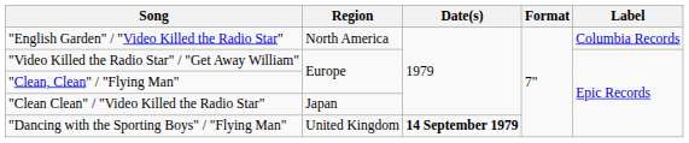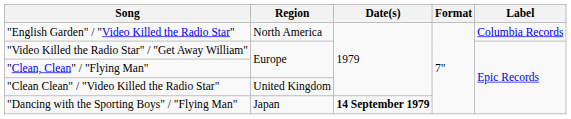 <table class="wikitable">
 <tr>
 <th>Song</th>
 <th>Region</th>
 <th>Date(s)</th>
 <th>Format</th>
 <th>Label</th>
 </tr>
 <tr>
 <td>"English Garden" / "<a href='#'>Video Killed the Radio Star</a>"</td>
 <td>North America</td>
 <td rowspan=4>1979</td>
 <td rowspan=5>7"</td>
 <td><a href='#'>Columbia Records</a></td>
 </tr>
 <tr>
 <td>"Video Killed the Radio Star" / "Get Away William"</td>
 <td rowspan=2>Europe</td>
 <td rowspan=4><a href='#'>Epic Records</a></td>
 </tr>
 <tr>
 <td>"<a href='#'>Clean, Clean</a>" / "Flying Man"</td>
 </tr>
 <tr>
 <td>"Clean Clean" / "Video Killed the Radio Star"</td>
-<td>Japan</td>
+<td rowspan=1>United Kingdom</td>
 </tr>
 <tr>
 <td>"Dancing with the Sporting Boys" / "Flying Man"</td>
-<td rowspan=1>United Kingdom</td>
+<td>Japan</td>
 <td><strong>14 September 1979</strong></td>
 </tr>
 </table>
